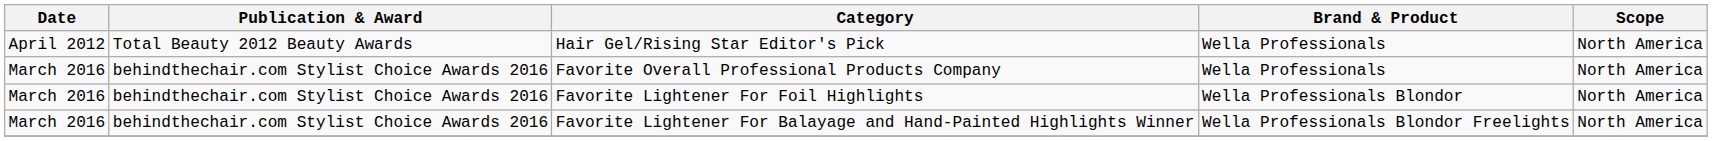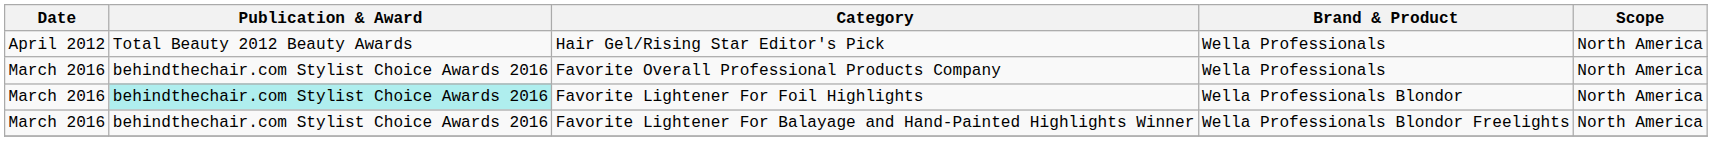 <table class="wikitable">
 <tr>
 <th>Date</th>
 <th>Publication & Award</th>
 <th>Category</th>
 <th>Brand & Product</th>
 <th>Scope</th>
 </tr>
 <tr>
 <td>April 2012</td>
 <td>Total Beauty 2012 Beauty Awards</td>
 <td>Hair Gel/Rising Star Editor's Pick</td>
 <td>Wella Professionals</td>
 <td>North America</td>
 </tr>
 <tr>
 <td>March 2016</td>
 <td>behindthechair.com Stylist Choice Awards 2016</td>
 <td>Favorite Overall Professional Products Company</td>
 <td>Wella Professionals</td>
 <td>North America</td>
 </tr>
 <tr>
 <td>March 2016</td>
-<td>behindthechair.com Stylist Choice Awards 2016</td>
+<td style="background: paleturquoise;">behindthechair.com Stylist Choice Awards 2016</td>
 <td>Favorite Lightener For Foil Highlights</td>
 <td>Wella Professionals Blondor</td>
 <td>North America</td>
 </tr>
 <tr>
 <td>March 2016</td>
 <td>behindthechair.com Stylist Choice Awards 2016</td>
 <td>Favorite Lightener For Balayage and Hand-Painted Highlights Winner</td>
 <td>Wella Professionals Blondor Freelights</td>
 <td>North America</td>
 </tr>
 <tr>
 </tr>
 </table>
